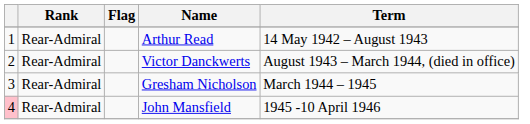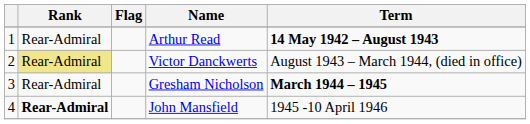 <table class="wikitable">
 <tr>
 <th></th>
 <th>Rank</th>
 <th>Flag</th>
 <th>Name</th>
 <th>Term</th>
 </tr>
 <tr>
 </tr>
 <tr>
 <td>1</td>
 <td>Rear-Admiral</td>
 <td></td>
 <td><a href='#'>Arthur Read</a></td>
-<td>14 May 1942 – August 1943</td>
+<td><strong>14 May 1942 – August 1943</strong></td>
 </tr>
 <tr>
 <td>2</td>
-<td>Rear-Admiral</td>
+<td style="background: khaki;">Rear-Admiral</td>
 <td></td>
 <td><a href='#'>Victor Danckwerts</a></td>
 <td>August 1943 – March 1944, (died in office)</td>
 </tr>
 <tr>
 <td>3</td>
 <td>Rear-Admiral</td>
 <td></td>
 <td><a href='#'>Gresham Nicholson</a></td>
-<td>March 1944 – 1945</td>
+<td><strong>March 1944 – 1945</strong></td>
 </tr>
 <tr>
-<td style="background: pink;">4</td>
-<td>Rear-Admiral</td>
+<td>4</td>
+<td><strong>Rear-Admiral</strong></td>
 <td></td>
 <td><a href='#'>John Mansfield</a></td>
 <td>1945 -10 April 1946</td>
 </tr>
 <tr>
 </tr>
 </table>
